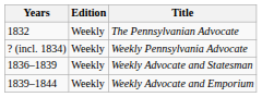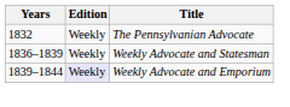 <table class="wikitable" style="display:inline-table">
 <tr>
 <th>Years</th>
 <th>Edition</th>
 <th>Title</th>
 </tr>
 <tr>
 <td>1832</td>
 <td>Weekly</td>
 <td><em>The Pennsylvanian Advocate</em></td>
 </tr>
 <tr>
-<td>? (incl. 1834)</td>
-<td>Weekly</td>
-<td><em>Weekly Pennsylvania Advocate</em></td>
-</tr>
-<tr>
 <td>1836–1839</td>
 <td>Weekly</td>
 <td><em>Weekly Advocate and Statesman</em></td>
 </tr>
 <tr>
 <td>1839–1844</td>
-<td>Weekly</td>
+<td style="background: lavender;">Weekly</td>
 <td><em>Weekly Advocate and Emporium</em></td>
 </tr>
 </table>
